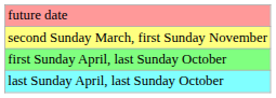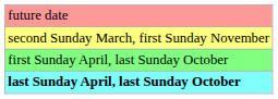 <table class="wikitable">
 <tr>
 <td style="background:#ff9999">future date</td>
 </tr>
 <tr>
 <td style="background:#ffff80">second Sunday March, first Sunday November</td>
 </tr>
 <tr>
 <td style="background:#80ff80">first Sunday April, last Sunday October</td>
 </tr>
 <tr>
-<td style="background:#80ffff">last Sunday April, last Sunday October</td>
+<td style="background:#80ffff"><strong>last Sunday April, last Sunday October</strong></td>
 </tr>
 </table>
